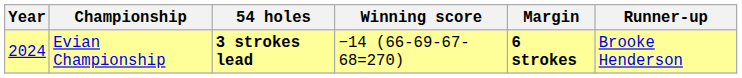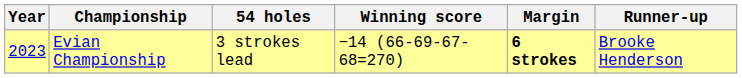 <table class="wikitable">
 <tr>
 <th>Year</th>
 <th>Championship</th>
 <th>54 holes</th>
 <th>Winning score</th>
 <th>Margin</th>
 <th>Runner-up</th>
 </tr>
 <tr style="background:#FFFF99">
-<td><a href='#'>2024</a></td>
+<td><a href='#'>2023</a></td>
 <td><a href='#'>Evian Championship</a></td>
-<td><strong>3 strokes lead</strong></td>
+<td>3 strokes lead</td>
 <td>−14 (66-69-67-68=270)</td>
 <td><strong>6 strokes</strong></td>
 <td> <a href='#'>Brooke Henderson</a></td>
 </tr>
 </table>
